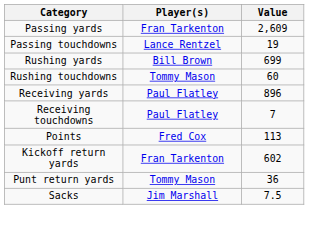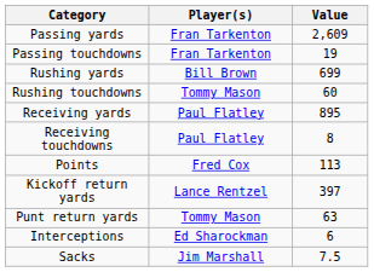 <table class="wikitable" style="text-align:center">
 <tr>
 <th width=150px>Category</th>
 <th width=150px>Player(s)</th>
 <th width=75px>Value</th>
 </tr>
 <tr>
 <td>Passing yards</td>
 <td><a href='#'>Fran Tarkenton</a></td>
 <td>2,609</td>
 </tr>
 <tr>
 <td>Passing touchdowns</td>
-<td><a href='#'>Lance Rentzel</a></td>
+<td><a href='#'>Fran Tarkenton</a></td>
 <td>19</td>
 </tr>
 <tr>
 <td>Rushing yards</td>
 <td><a href='#'>Bill Brown</a></td>
 <td>699</td>
 </tr>
 <tr>
 <td>Rushing touchdowns</td>
 <td><a href='#'>Tommy Mason</a></td>
 <td>60</td>
 </tr>
 <tr>
 <td>Receiving yards</td>
 <td><a href='#'>Paul Flatley</a></td>
-<td>896</td>
+<td>895</td>
 </tr>
 <tr>
 <td>Receiving touchdowns</td>
 <td><a href='#'>Paul Flatley</a></td>
-<td>7</td>
+<td>8</td>
 </tr>
 <tr>
 <td>Points</td>
 <td><a href='#'>Fred Cox</a></td>
 <td>113</td>
 </tr>
 <tr>
 <td>Kickoff return yards</td>
-<td><a href='#'>Fran Tarkenton</a></td>
-<td>602</td>
+<td><a href='#'>Lance Rentzel</a></td>
+<td>397</td>
 </tr>
 <tr>
 <td>Punt return yards</td>
 <td><a href='#'>Tommy Mason</a></td>
-<td>36</td>
+<td>63</td>
+</tr>
+<tr>
+<td>Interceptions</td>
+<td><a href='#'>Ed Sharockman</a></td>
+<td>6</td>
 </tr>
 <tr>
 <td>Sacks</td>
 <td><a href='#'>Jim Marshall</a></td>
 <td>7.5</td>
 </tr>
 </table>
